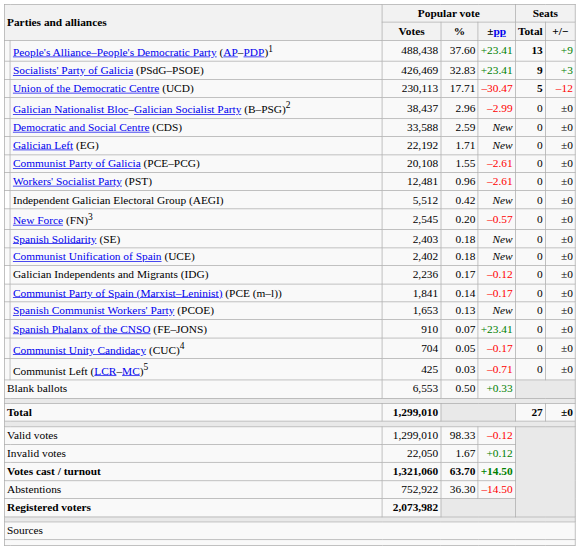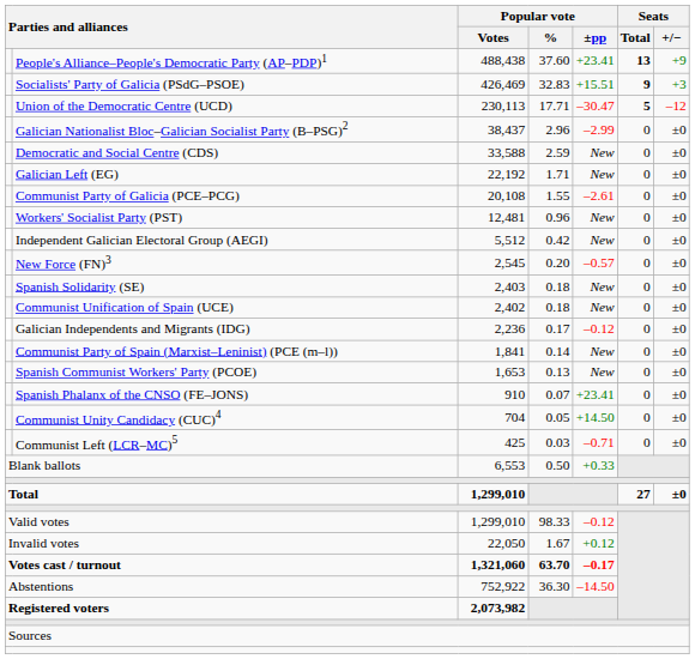 <table class="wikitable" style="text-align:right;">
 <tr>
 <th style="text-align:left;" rowspan="2" colspan="2" width="525">Parties and alliances</th>
 <th colspan="3">Popular vote</th>
 <th colspan="2">Seats</th>
 </tr>
 <tr>
 <th width="75">Votes</th>
 <th width="45">%</th>
 <th width="45">±<a href='#'>pp</a></th>
 <th width="35">Total</th>
 <th width="35">+/−</th>
 </tr>
 <tr>
 <td width="1" style="color:inherit;background:"></td>
 <td align="left"><a href='#'>People's Alliance–People's Democratic Party</a> (<a href='#'>AP</a>–<a href='#'>PDP</a>)<sup>1</sup></td>
 <td>488,438</td>
 <td>37.60</td>
 <td style="color:green;">+23.41</td>
 <td><strong>13</strong></td>
 <td style="color:green;">+9</td>
 </tr>
 <tr>
 <td style="color:inherit;background:"></td>
 <td align="left"><a href='#'>Socialists' Party of Galicia</a> (PSdG–PSOE)</td>
 <td>426,469</td>
 <td>32.83</td>
-<td style="color:green;">+23.41</td>
+<td style="color:green;">+15.51</td>
 <td><strong>9</strong></td>
 <td style="color:green;">+3</td>
 </tr>
 <tr>
 <td style="color:inherit;background:"></td>
 <td align="left"><a href='#'>Union of the Democratic Centre</a> (UCD)</td>
 <td>230,113</td>
 <td>17.71</td>
 <td style="color:red;">–30.47</td>
 <td><strong>5</strong></td>
 <td style="color:red;">–12</td>
 </tr>
 <tr>
 <td style="color:inherit;background:"></td>
 <td align="left"><a href='#'>Galician Nationalist Bloc</a>–<a href='#'>Galician Socialist Party</a> (B–PSG)<sup>2</sup></td>
 <td>38,437</td>
 <td>2.96</td>
 <td style="color:red;">–2.99</td>
 <td>0</td>
 <td>±0</td>
 </tr>
 <tr>
 <td style="color:inherit;background:"></td>
 <td align="left"><a href='#'>Democratic and Social Centre</a> (CDS)</td>
 <td>33,588</td>
 <td>2.59</td>
 <td><em>New</em></td>
 <td>0</td>
 <td>±0</td>
 </tr>
 <tr>
 <td style="color:inherit;background:"></td>
 <td align="left"><a href='#'>Galician Left</a> (EG)</td>
 <td>22,192</td>
 <td>1.71</td>
 <td><em>New</em></td>
 <td>0</td>
 <td>±0</td>
 </tr>
 <tr>
 <td style="color:inherit;background:"></td>
 <td align="left"><a href='#'>Communist Party of Galicia</a> (PCE–PCG)</td>
 <td>20,108</td>
 <td>1.55</td>
 <td style="color:red;">–2.61</td>
 <td>0</td>
 <td>±0</td>
 </tr>
 <tr>
 <td style="color:inherit;background:"></td>
 <td align="left"><a href='#'>Workers' Socialist Party</a> (PST)</td>
 <td>12,481</td>
 <td>0.96</td>
-<td style="color:red;">–2.61</td>
+<td><em>New</em></td>
 <td>0</td>
 <td>±0</td>
 </tr>
 <tr>
 <td bgcolor="white"></td>
 <td align="left">Independent Galician Electoral Group (AEGI)</td>
 <td>5,512</td>
 <td>0.42</td>
 <td><em>New</em></td>
 <td>0</td>
 <td>±0</td>
 </tr>
 <tr>
 <td style="color:inherit;background:"></td>
 <td align="left"><a href='#'>New Force</a> (FN)<sup>3</sup></td>
 <td>2,545</td>
 <td>0.20</td>
 <td style="color:red;">–0.57</td>
 <td>0</td>
 <td>±0</td>
 </tr>
 <tr>
 <td style="color:inherit;background:"></td>
 <td align="left"><a href='#'>Spanish Solidarity</a> (SE)</td>
 <td>2,403</td>
 <td>0.18</td>
 <td><em>New</em></td>
 <td>0</td>
 <td>±0</td>
 </tr>
 <tr>
 <td style="color:inherit;background:"></td>
 <td align="left"><a href='#'>Communist Unification of Spain</a> (UCE)</td>
 <td>2,402</td>
 <td>0.18</td>
 <td><em>New</em></td>
 <td>0</td>
 <td>±0</td>
 </tr>
 <tr>
 <td bgcolor="white"></td>
 <td align="left">Galician Independents and Migrants (IDG)</td>
 <td>2,236</td>
 <td>0.17</td>
 <td style="color:red;">–0.12</td>
 <td>0</td>
 <td>±0</td>
 </tr>
 <tr>
 <td style="color:inherit;background:"></td>
 <td align="left"><a href='#'>Communist Party of Spain (Marxist–Leninist)</a> (PCE (m–l))</td>
 <td>1,841</td>
 <td>0.14</td>
-<td style="color:red;">–0.17</td>
+<td><em>New</em></td>
 <td>0</td>
 <td>±0</td>
 </tr>
 <tr>
 <td style="color:inherit;background:"></td>
 <td align="left"><a href='#'>Spanish Communist Workers' Party</a> (PCOE)</td>
 <td>1,653</td>
 <td>0.13</td>
 <td><em>New</em></td>
 <td>0</td>
 <td>±0</td>
 </tr>
 <tr>
 <td style="color:inherit;background:"></td>
 <td align="left"><a href='#'>Spanish Phalanx of the CNSO</a> (FE–JONS)</td>
 <td>910</td>
 <td>0.07</td>
 <td style="color:green;">+23.41</td>
 <td>0</td>
 <td>±0</td>
 </tr>
 <tr>
 <td style="color:inherit;background:"></td>
 <td align="left"><a href='#'>Communist Unity Candidacy</a> (CUC)<sup>4</sup></td>
 <td>704</td>
 <td>0.05</td>
-<td style="color:red;">–0.17</td>
+<td style="color:green;">+14.50</td>
 <td>0</td>
 <td>±0</td>
 </tr>
 <tr>
 <td style="color:inherit;background:"></td>
 <td align="left">Communist Left (<a href='#'>LCR</a>–<a href='#'>MC</a>)<sup>5</sup></td>
 <td>425</td>
 <td>0.03</td>
 <td style="color:red;">–0.71</td>
 <td>0</td>
 <td>±0</td>
 </tr>
 <tr>
 <td align="left" colspan="2">Blank ballots</td>
 <td>6,553</td>
 <td>0.50</td>
 <td style="color:green;">+0.33</td>
 <td bgcolor="#E9E9E9" colspan="2"></td>
 </tr>
 <tr>
 <td colspan="7" bgcolor="#E9E9E9"></td>
 </tr>
 <tr style="font-weight:bold;">
 <td align="left" colspan="2">Total</td>
 <td>1,299,010</td>
 <td bgcolor="#E9E9E9" colspan="2"></td>
 <td>27</td>
 <td>±0</td>
 </tr>
 <tr>
 <td colspan="7" bgcolor="#E9E9E9"></td>
 </tr>
 <tr>
 <td align="left" colspan="2">Valid votes</td>
 <td>1,299,010</td>
 <td>98.33</td>
 <td style="color:red;">–0.12</td>
 <td bgcolor="#E9E9E9" colspan="2" rowspan="5"></td>
 </tr>
 <tr>
 <td align="left" colspan="2">Invalid votes</td>
 <td>22,050</td>
 <td>1.67</td>
 <td style="color:green;">+0.12</td>
 </tr>
 <tr style="font-weight:bold;">
 <td align="left" colspan="2">Votes cast / turnout</td>
 <td>1,321,060</td>
 <td>63.70</td>
-<td style="color:green;">+14.50</td>
+<td style="color:red;">–0.17</td>
 </tr>
 <tr>
 <td align="left" colspan="2">Abstentions</td>
 <td>752,922</td>
 <td>36.30</td>
 <td style="color:red;">–14.50</td>
 </tr>
 <tr style="font-weight:bold;">
 <td align="left" colspan="2">Registered voters</td>
 <td>2,073,982</td>
 <td bgcolor="#E9E9E9" colspan="2"></td>
 </tr>
 <tr>
 <td colspan="7" bgcolor="#E9E9E9"></td>
 </tr>
 <tr>
 <td align="left" colspan="7">Sources</td>
 </tr>
 <tr>
 <td colspan="7" style="text-align:left; max-width:790px;"></td>
 </tr>
 </table>
